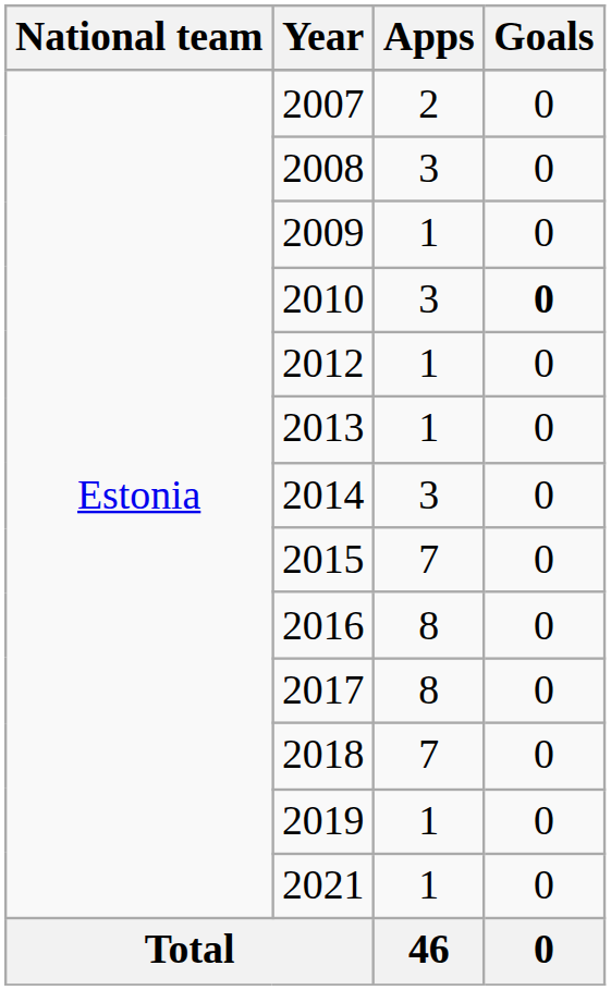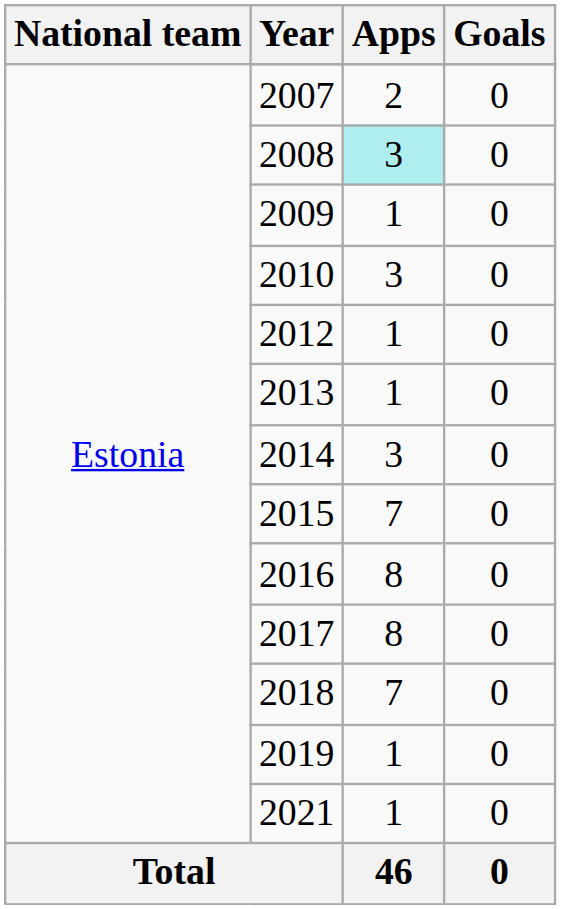 <table class=wikitable style="text-align: center;">
 <tr>
 <th>National team</th>
 <th>Year</th>
 <th>Apps</th>
 <th>Goals</th>
 </tr>
 <tr>
 <td rowspan=14><a href='#'>Estonia</a></td>
 </tr>
 <tr>
 <td>2007</td>
 <td>2</td>
 <td>0</td>
 </tr>
 <tr>
 <td>2008</td>
-<td>3</td>
+<td style="background: paleturquoise;">3</td>
 <td>0</td>
 </tr>
 <tr>
 <td>2009</td>
 <td>1</td>
 <td>0</td>
 </tr>
 <tr>
 <td>2010</td>
 <td>3</td>
-<td><strong>0</strong></td>
+<td>0</td>
 </tr>
 <tr>
 <td>2012</td>
 <td>1</td>
 <td>0</td>
 </tr>
 <tr>
 <td>2013</td>
 <td>1</td>
 <td>0</td>
 </tr>
 <tr>
 <td>2014</td>
 <td>3</td>
 <td>0</td>
 </tr>
 <tr>
 <td>2015</td>
 <td>7</td>
 <td>0</td>
 </tr>
 <tr>
 <td>2016</td>
 <td>8</td>
 <td>0</td>
 </tr>
 <tr>
 <td>2017</td>
 <td>8</td>
 <td>0</td>
 </tr>
 <tr>
 <td>2018</td>
 <td>7</td>
 <td>0</td>
 </tr>
 <tr>
 <td>2019</td>
 <td>1</td>
 <td>0</td>
 </tr>
 <tr>
 <td>2021</td>
 <td>1</td>
 <td>0</td>
 </tr>
 <tr>
 <th colspan=2>Total</th>
 <th>46</th>
 <th>0</th>
 </tr>
 </table>
